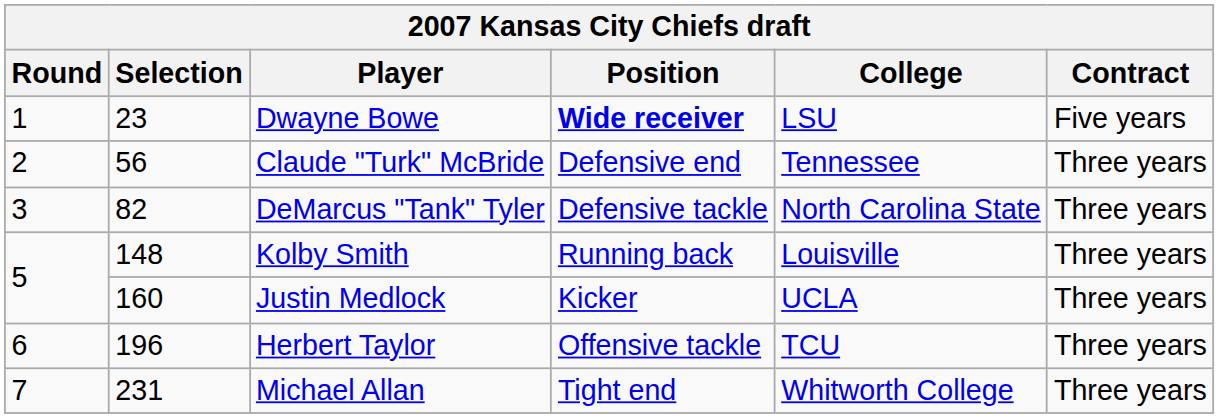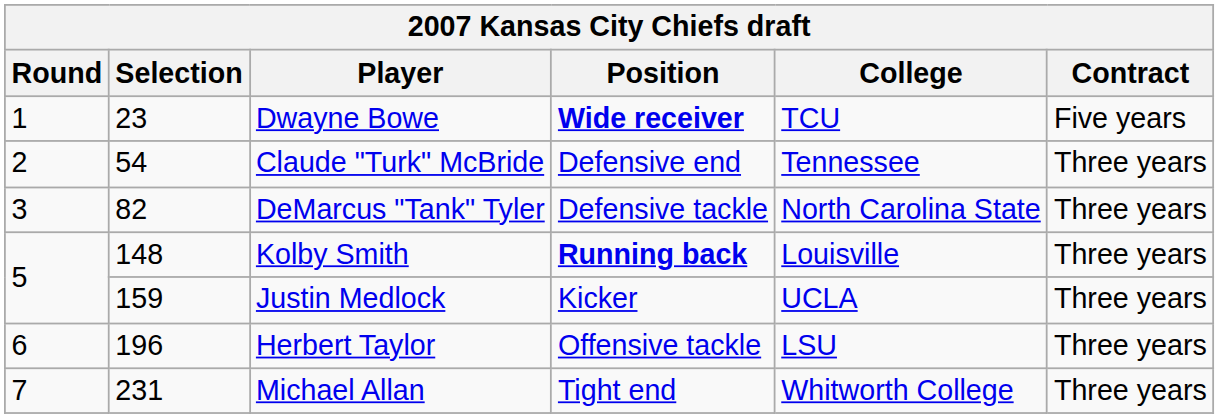 <table class=wikitable>
 <tr>
 <th colspan=6>2007 Kansas City Chiefs draft</th>
 </tr>
 <tr>
 <th>Round</th>
 <th>Selection</th>
 <th>Player</th>
 <th>Position</th>
 <th>College</th>
 <th>Contract</th>
 </tr>
 <tr>
 <td>1</td>
 <td>23</td>
 <td><a href='#'>Dwayne Bowe</a></td>
 <td><strong><a href='#'>Wide receiver</a></strong></td>
-<td><a href='#'>LSU</a></td>
+<td><a href='#'>TCU</a></td>
 <td>Five years</td>
 </tr>
 <tr>
 <td>2</td>
-<td>56</td>
+<td>54</td>
 <td><a href='#'>Claude "Turk" McBride</a></td>
 <td><a href='#'>Defensive end</a></td>
 <td><a href='#'>Tennessee</a></td>
 <td>Three years</td>
 </tr>
 <tr>
 <td>3</td>
 <td>82</td>
 <td><a href='#'>DeMarcus "Tank" Tyler</a></td>
 <td><a href='#'>Defensive tackle</a></td>
 <td><a href='#'>North Carolina State</a></td>
 <td>Three years</td>
 </tr>
 <tr>
 <td rowspan="2">5</td>
 <td>148</td>
 <td><a href='#'>Kolby Smith</a></td>
-<td><a href='#'>Running back</a></td>
+<td><strong><a href='#'>Running back</a></strong></td>
 <td><a href='#'>Louisville</a></td>
 <td>Three years</td>
 </tr>
 <tr>
-<td>160</td>
+<td>159</td>
 <td><a href='#'>Justin Medlock</a></td>
 <td><a href='#'>Kicker</a></td>
 <td><a href='#'>UCLA</a></td>
 <td>Three years</td>
 </tr>
 <tr>
 <td>6</td>
 <td>196</td>
 <td><a href='#'>Herbert Taylor</a></td>
 <td><a href='#'>Offensive tackle</a></td>
-<td><a href='#'>TCU</a></td>
+<td><a href='#'>LSU</a></td>
 <td>Three years</td>
 </tr>
 <tr>
 <td>7</td>
 <td>231</td>
 <td><a href='#'>Michael Allan</a></td>
 <td><a href='#'>Tight end</a></td>
 <td><a href='#'>Whitworth College</a></td>
 <td>Three years</td>
 </tr>
 </table>
